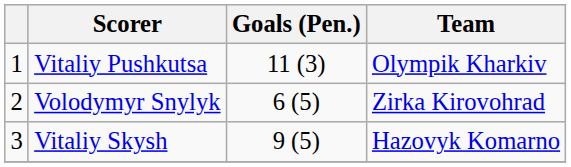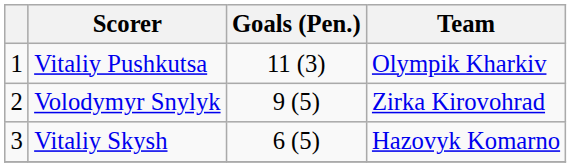 <table class="wikitable">
 <tr>
 <th></th>
 <th>Scorer</th>
 <th>Goals (Pen.)</th>
 <th>Team</th>
 </tr>
 <tr>
 <td>1</td>
 <td><a href='#'>Vitaliy Pushkutsa</a></td>
 <td align=center>11 (3)</td>
 <td><a href='#'>Olympik Kharkiv</a></td>
 </tr>
 <tr>
 <td>2</td>
 <td><a href='#'>Volodymyr Snylyk</a></td>
-<td align=center>6 (5)</td>
+<td align=center>9 (5)</td>
 <td><a href='#'>Zirka Kirovohrad</a></td>
 </tr>
 <tr>
 <td>3</td>
 <td><a href='#'>Vitaliy Skysh</a></td>
-<td align=center>9 (5)</td>
+<td align=center>6 (5)</td>
 <td><a href='#'>Hazovyk Komarno</a></td>
 </tr>
 <tr>
 </tr>
 </table>
